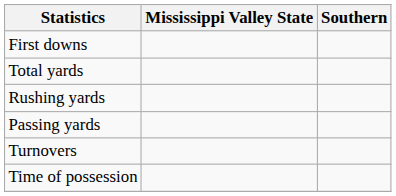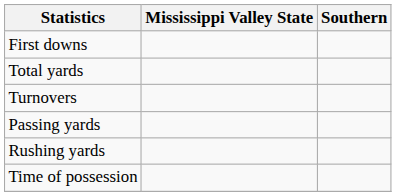 <table class="wikitable">
 <tr>
 <th>Statistics</th>
 <th>Mississippi Valley State</th>
 <th>Southern</th>
 </tr>
 <tr>
 <td>First downs</td>
 <td> </td>
 <td> </td>
 </tr>
 <tr>
 <td>Total yards</td>
 <td> </td>
 <td> </td>
 </tr>
 <tr>
-<td>Rushing yards</td>
+<td>Turnovers</td>
 <td> </td>
 <td> </td>
 </tr>
 <tr>
 <td>Passing yards</td>
 <td> </td>
 <td> </td>
 </tr>
 <tr>
-<td>Turnovers</td>
+<td>Rushing yards</td>
 <td> </td>
 <td> </td>
 </tr>
 <tr>
 <td>Time of possession</td>
 <td> </td>
 <td> </td>
 </tr>
 <tr>
 </tr>
 </table>
